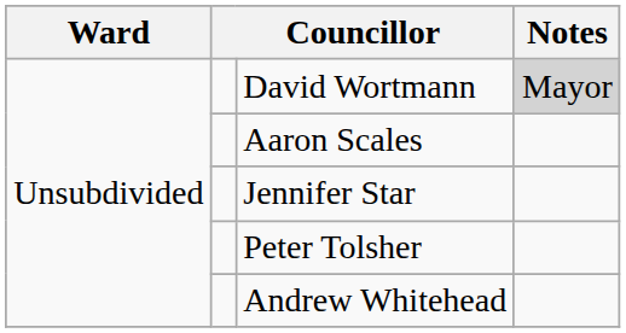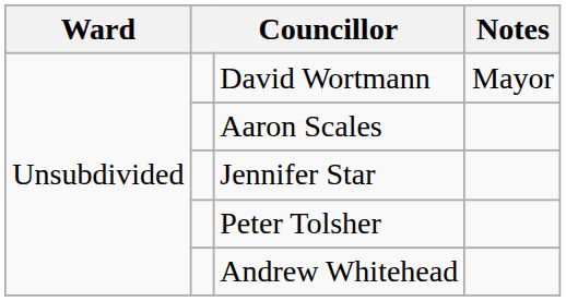 <table class="wikitable">
 <tr>
 <th>Ward</th>
 <th colspan="2">Councillor</th>
 <th>Notes</th>
 </tr>
 <tr>
 <td rowspan="5">Unsubdivided</td>
 <td> </td>
 <td>David Wortmann</td>
-<td style="background: lightgrey;">Mayor</td>
+<td>Mayor</td>
 </tr>
 <tr>
 <td> </td>
 <td>Aaron Scales</td>
 <td></td>
 </tr>
 <tr>
 <td> </td>
 <td>Jennifer Star</td>
 <td></td>
 </tr>
 <tr>
 <td> </td>
 <td>Peter Tolsher</td>
 <td></td>
 </tr>
 <tr>
 <td> </td>
 <td>Andrew Whitehead</td>
 <td></td>
 </tr>
 </table>
